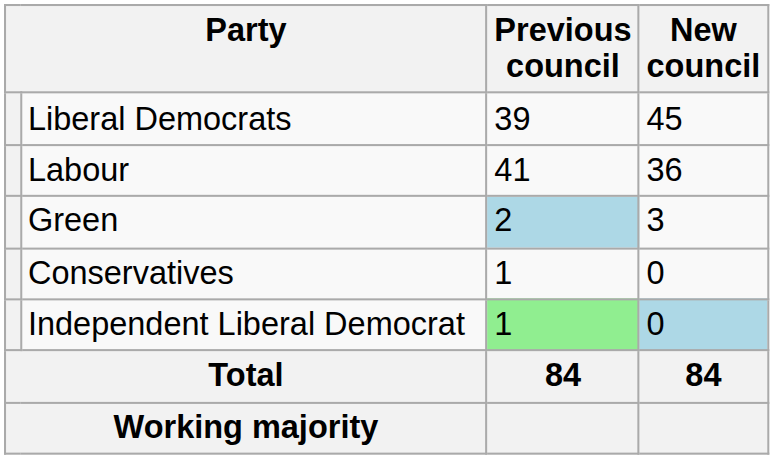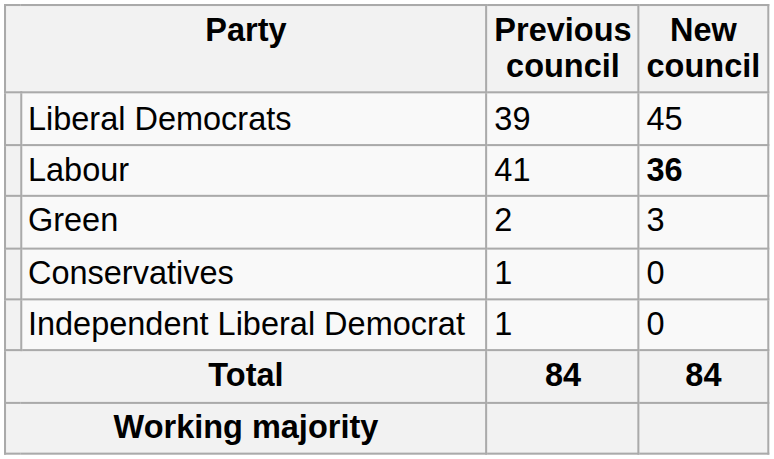 <table class="wikitable">
 <tr>
 <th valign=top colspan="2" style="width: 230px">Party</th>
 <th valign=top style="width: 30px">Previous council</th>
 <th valign=top style="width: 30px">New council</th>
 </tr>
 <tr>
 <th style="background-color: "></th>
 <td>Liberal Democrats</td>
 <td>39</td>
 <td>45</td>
 </tr>
 <tr>
 <th style="background-color: "></th>
 <td>Labour</td>
 <td>41</td>
-<td>36</td>
+<td><strong>36</strong></td>
 </tr>
 <tr>
 <th style="background-color: "></th>
 <td>Green</td>
-<td style="background: lightblue;">2</td>
+<td>2</td>
 <td>3</td>
 </tr>
 <tr>
 <th style="background-color: "></th>
 <td>Conservatives</td>
 <td>1</td>
 <td>0</td>
 </tr>
 <tr>
 <th style="background-color: "></th>
 <td>Independent Liberal Democrat</td>
-<td style="background: lightgreen;">1</td>
-<td style="background: lightblue;">0</td>
+<td>1</td>
+<td>0</td>
 </tr>
 <tr>
 <th colspan=2>Total</th>
 <th style="text-align: center">84</th>
 <th colspan=3>84</th>
 </tr>
 <tr>
 <th colspan=2>Working majority</th>
 <th></th>
 <th></th>
 </tr>
 </table>
